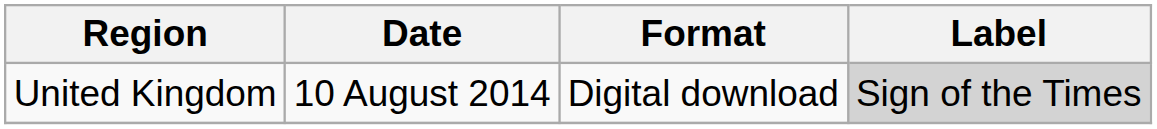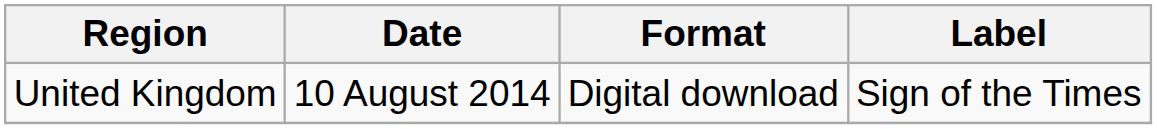 <table class=wikitable>
 <tr>
 <th>Region</th>
 <th>Date</th>
 <th>Format</th>
 <th>Label</th>
 </tr>
 <tr>
 <td>United Kingdom</td>
 <td>10 August 2014</td>
 <td>Digital download</td>
-<td style="background: lightgrey;">Sign of the Times</td>
+<td>Sign of the Times</td>
 </tr>
 <tr>
 </tr>
 </table>
